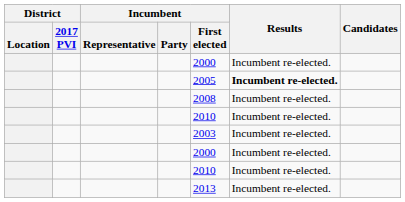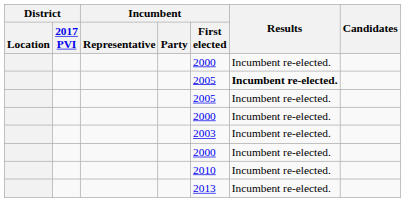 <table class="wikitable sortable">
 <tr>
 <th colspan=2>District</th>
 <th colspan=3>Incumbent</th>
 <th rowspan=2>Results</th>
 <th rowspan=2>Candidates</th>
 </tr>
 <tr valign=bottom>
 <th>Location</th>
 <th><a href='#'>2017<br>PVI</a></th>
 <th>Representative</th>
 <th>Party</th>
 <th>First<br>elected</th>
 </tr>
 <tr>
 <th></th>
 <td></td>
 <td></td>
 <td></td>
 <td><a href='#'>2000</a></td>
 <td>Incumbent re-elected.</td>
 <td nowrap></td>
 </tr>
 <tr>
 <th></th>
 <td></td>
 <td></td>
 <td></td>
 <td><a href='#'>2005</a></td>
 <td><strong>Incumbent re-elected.</strong></td>
 <td nowrap></td>
 </tr>
 <tr>
 <th></th>
 <td></td>
 <td></td>
 <td></td>
-<td><a href='#'>2008</a></td>
+<td><a href='#'>2005</a></td>
 <td>Incumbent re-elected.</td>
 <td nowrap></td>
 </tr>
 <tr>
 <th></th>
 <td></td>
 <td></td>
 <td></td>
-<td><a href='#'>2010</a></td>
+<td><a href='#'>2000</a></td>
 <td>Incumbent re-elected.</td>
 <td nowrap></td>
 </tr>
 <tr>
 <th></th>
 <td></td>
 <td></td>
 <td></td>
 <td><a href='#'>2003</a></td>
 <td>Incumbent re-elected.</td>
 <td nowrap></td>
 </tr>
 <tr>
 <th></th>
 <td></td>
 <td></td>
 <td></td>
 <td><a href='#'>2000</a></td>
 <td>Incumbent re-elected.</td>
 <td nowrap></td>
 </tr>
 <tr>
 <th></th>
 <td></td>
 <td></td>
 <td></td>
 <td><a href='#'>2010</a></td>
 <td>Incumbent re-elected.</td>
 <td nowrap></td>
 </tr>
 <tr>
 <th></th>
 <td></td>
 <td></td>
 <td></td>
 <td><a href='#'>2013 </a></td>
 <td>Incumbent re-elected.</td>
 <td nowrap></td>
 </tr>
 </table>
